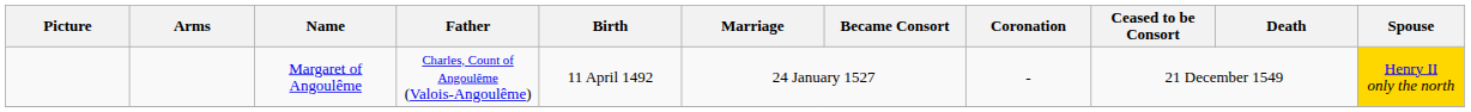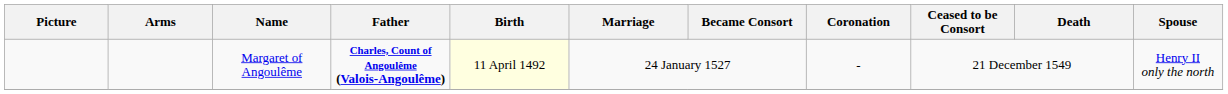 <table width=95% class="wikitable">
 <tr>
 <th width = "7%">Picture</th>
 <th width = "7%">Arms</th>
 <th width = "8%">Name</th>
 <th width = "8%">Father</th>
 <th width = "8%">Birth</th>
 <th width = "8%">Marriage</th>
 <th width = "8%">Became Consort</th>
 <th width = "7%">Coronation</th>
 <th width = "7%">Ceased to be Consort</th>
 <th width = "8%">Death</th>
 <th width = "6%">Spouse</th>
 </tr>
 <tr>
 <td align="center"></td>
 <td align="center"></td>
 <td align="center"><a href='#'>Margaret of Angoulême</a></td>
-<td align="center"><small><a href='#'>Charles, Count of Angoulême</a></small><br>(<a href='#'>Valois-Angoulême</a>)</td>
-<td align="center">11 April 1492</td>
+<td align="center"><strong><small><a href='#'>Charles, Count of Angoulême</a></small><br>(<a href='#'>Valois-Angoulême</a>)</strong></td>
+<td align="center" style="background: lightyellow;">11 April 1492</td>
 <td align="center" colspan="2">24 January 1527</td>
 <td align="center">-</td>
 <td align="center" colspan="2">21 December 1549</td>
-<td align="center" style="background: gold;"><a href='#'>Henry II</a><br><em>only the north</em></td>
+<td align="center"><a href='#'>Henry II</a><br><em>only the north</em></td>
 </tr>
 <tr>
 </tr>
 </table>
